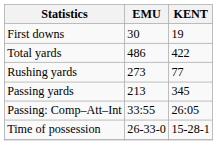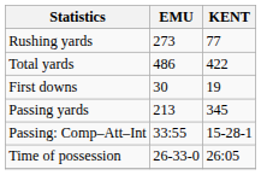 <table class="wikitable" style="float: left;">
 <tr>
 <th>Statistics</th>
 <th>EMU</th>
 <th>KENT</th>
 </tr>
 <tr>
-<td>First downs</td>
-<td>30</td>
-<td>19</td>
+<td>Rushing yards</td>
+<td>273</td>
+<td>77</td>
 </tr>
 <tr>
 <td>Total yards</td>
 <td>486</td>
 <td>422</td>
 </tr>
 <tr>
-<td>Rushing yards</td>
-<td>273</td>
-<td>77</td>
+<td>First downs</td>
+<td>30</td>
+<td>19</td>
 </tr>
 <tr>
 <td>Passing yards</td>
 <td>213</td>
 <td>345</td>
 </tr>
 <tr>
 <td>Passing: Comp–Att–Int</td>
 <td>33:55</td>
-<td>26:05</td>
+<td>15-28-1</td>
 </tr>
 <tr>
 <td>Time of possession</td>
 <td>26-33-0</td>
-<td>15-28-1</td>
+<td>26:05</td>
 </tr>
 <tr>
 </tr>
 </table>
